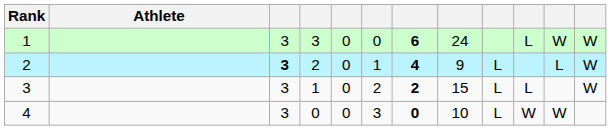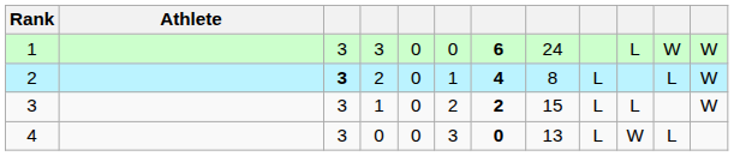 <table class="wikitable" style="text-align: center;">
 <tr>
 <th width=25>Rank</th>
 <th width=225>Athlete</th>
 <th width=25></th>
 <th width=25></th>
 <th width=25></th>
 <th width=25></th>
 <th width=40></th>
 <th width=40></th>
 <th width=25></th>
 <th width=25></th>
 <th width=25></th>
 <th width=25></th>
 </tr>
 <tr bgcolor=ccffcc>
 <td>1</td>
 <td align=left></td>
 <td>3</td>
 <td>3</td>
 <td>0</td>
 <td>0</td>
 <td><strong>6</strong></td>
 <td>24</td>
 <td></td>
 <td>L</td>
 <td>W</td>
 <td>W</td>
 </tr>
 <tr bgcolor=bbf3ff>
 <td>2</td>
 <td align=left></td>
 <td><strong>3</strong></td>
 <td>2</td>
 <td>0</td>
 <td>1</td>
 <td><strong>4</strong></td>
-<td>9</td>
+<td>8</td>
 <td>L</td>
 <td></td>
 <td>L</td>
 <td>W</td>
 </tr>
 <tr>
 <td>3</td>
 <td align=left></td>
 <td>3</td>
 <td>1</td>
 <td>0</td>
 <td>2</td>
 <td><strong>2</strong></td>
 <td>15</td>
 <td>L</td>
 <td>L</td>
 <td></td>
 <td>W</td>
 </tr>
 <tr>
 <td>4</td>
 <td align=left></td>
 <td>3</td>
 <td>0</td>
 <td>0</td>
 <td>3</td>
 <td><strong>0</strong></td>
-<td>10</td>
+<td>13</td>
 <td>L</td>
 <td>W</td>
-<td>W</td>
+<td>L</td>
 <td></td>
 </tr>
 </table>
